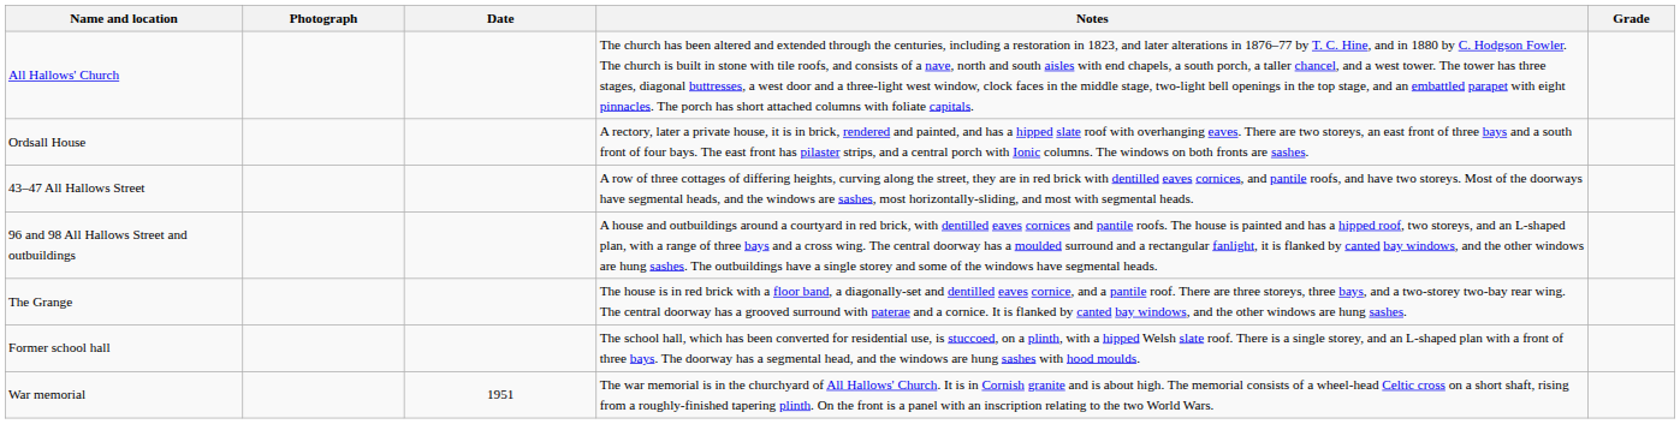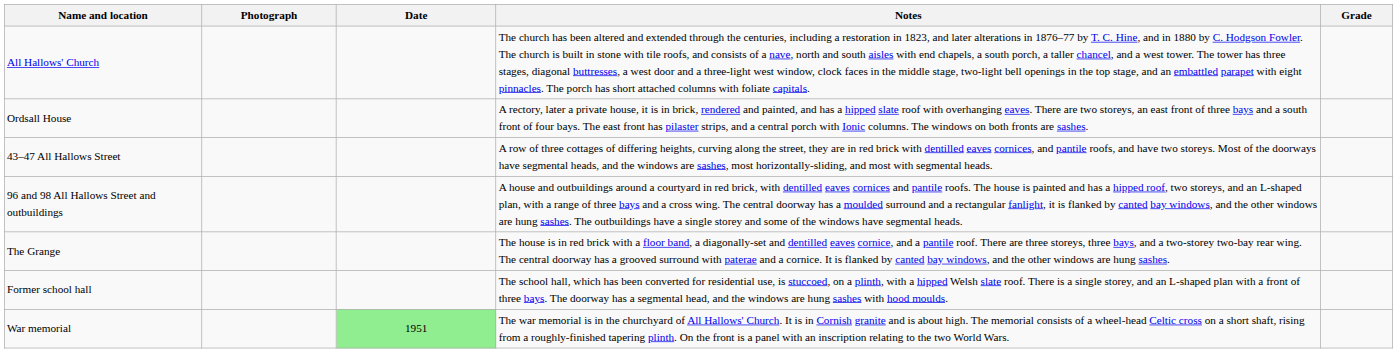 <table class="wikitable sortable plainrowheaders" style="width:100%; border:0px; text-align:left; line-height:150%">
 <tr>
 <th scope="col"  style="width:150px">Name and location</th>
 <th scope="col"  style="width:100px" class="unsortable">Photograph</th>
 <th scope="col"  style="width:120px">Date</th>
 <th scope="col"  style="width:650px" class="unsortable">Notes</th>
 <th scope="col"  style="width:50px">Grade</th>
 </tr>
 <tr>
 <td><a href='#'>All Hallows' Church</a><br><small></small></td>
 <td></td>
 <td align="center"></td>
 <td>The church has been altered and extended through the centuries, including a restoration in 1823, and later alterations in 1876–77 by <a href='#'>T. C. Hine</a>, and in 1880 by <a href='#'>C. Hodgson Fowler</a>.  The church is built in stone with tile roofs, and consists of a <a href='#'>nave</a>, north and south <a href='#'>aisles</a> with end chapels, a south porch, a taller <a href='#'>chancel</a>, and a west tower.  The tower has three stages, diagonal <a href='#'>buttresses</a>, a west door and a three-light west window, clock faces in the middle stage, two-light bell openings in the top stage, and an <a href='#'>embattled</a> <a href='#'>parapet</a> with eight <a href='#'>pinnacles</a>.  The porch has short attached columns with foliate <a href='#'>capitals</a>.</td>
 <td align="center" ></td>
 </tr>
 <tr>
 <td>Ordsall House<br><small></small></td>
 <td></td>
 <td align="center"></td>
 <td>A rectory, later a private house, it is in brick, <a href='#'>rendered</a> and painted, and has a <a href='#'>hipped</a> <a href='#'>slate</a> roof with overhanging <a href='#'>eaves</a>.  There are two storeys, an east front of three <a href='#'>bays</a> and a south front of four bays.  The east front has <a href='#'>pilaster</a> strips, and a central porch with <a href='#'>Ionic</a> columns.  The windows on both fronts are <a href='#'>sashes</a>.</td>
 <td align="center" ></td>
 </tr>
 <tr>
 <td>43–47 All Hallows Street<br><small></small></td>
 <td></td>
 <td align="center"></td>
 <td>A row of three cottages of differing heights, curving along the street, they are in red brick with <a href='#'>dentilled</a> <a href='#'>eaves</a> <a href='#'>cornices</a>, and <a href='#'>pantile</a> roofs, and have two storeys.  Most of the doorways have segmental heads, and the windows are <a href='#'>sashes</a>, most horizontally-sliding, and most with segmental heads.</td>
 <td align="center" ></td>
 </tr>
 <tr>
 <td>96 and 98 All Hallows Street and outbuildings<br><small></small></td>
 <td></td>
 <td align="center"></td>
 <td>A house and outbuildings around a courtyard in red brick, with <a href='#'>dentilled</a> <a href='#'>eaves</a> <a href='#'>cornices</a> and <a href='#'>pantile</a> roofs.  The house is painted and has a <a href='#'>hipped roof</a>, two storeys, and an L-shaped plan, with a range of three <a href='#'>bays</a> and a cross wing.  The central doorway has a <a href='#'>moulded</a> surround and a rectangular <a href='#'>fanlight</a>, it is flanked by <a href='#'>canted</a> <a href='#'>bay windows</a>, and the other windows are hung <a href='#'>sashes</a>.  The outbuildings have a single storey and some of the windows have segmental heads.</td>
 <td align="center" ></td>
 </tr>
 <tr>
 <td>The Grange<br><small></small></td>
 <td></td>
 <td align="center"></td>
 <td>The house is in red brick with a <a href='#'>floor band</a>, a diagonally-set and <a href='#'>dentilled</a> <a href='#'>eaves</a> <a href='#'>cornice</a>, and a <a href='#'>pantile</a> roof.  There are three storeys, three <a href='#'>bays</a>, and a two-storey two-bay rear wing.  The central doorway has a grooved surround with <a href='#'>paterae</a> and a cornice.  It is flanked by <a href='#'>canted</a> <a href='#'>bay windows</a>, and the other windows are hung <a href='#'>sashes</a>.</td>
 <td align="center" ></td>
 </tr>
 <tr>
 <td>Former school hall<br><small></small></td>
 <td></td>
 <td align="center"></td>
 <td>The school hall, which has been converted for residential use, is <a href='#'>stuccoed</a>, on a <a href='#'>plinth</a>, with a <a href='#'>hipped</a> Welsh <a href='#'>slate</a> roof.  There is a single storey, and an L-shaped plan with a front of three <a href='#'>bays</a>.  The doorway has a segmental head, and the windows are hung <a href='#'>sashes</a> with <a href='#'>hood moulds</a>.</td>
 <td align="center" ></td>
 </tr>
 <tr>
 <td>War memorial<br><small></small></td>
 <td></td>
-<td align="center">1951</td>
+<td align="center" style="background: lightgreen;">1951</td>
 <td>The war memorial is in the churchyard of <a href='#'>All Hallows' Church</a>.  It is in <a href='#'>Cornish</a> <a href='#'>granite</a> and is about  high.  The memorial consists of a wheel-head <a href='#'>Celtic cross</a> on a short shaft, rising from a roughly-finished tapering <a href='#'>plinth</a>.  On the front is a panel with an inscription relating to the two World Wars.</td>
 <td align="center" ></td>
 </tr>
 <tr>
 </tr>
 </table>
